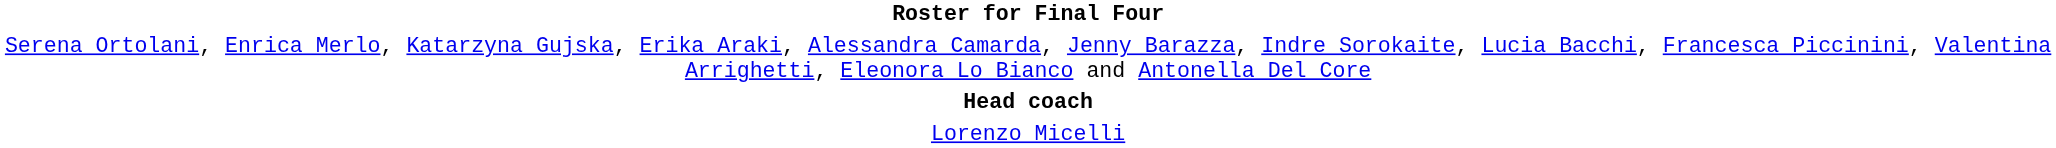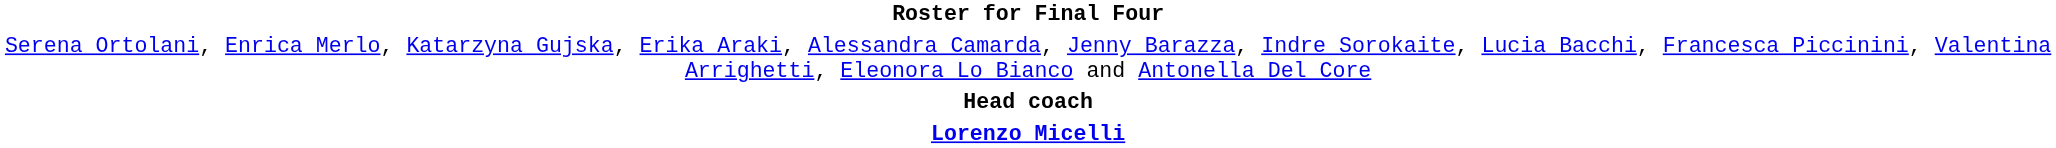 <table style="text-align: center; margin-top: 2em; margin-left: auto; margin-right: auto">
 <tr>
 <td><strong>Roster for Final Four</strong></td>
 </tr>
 <tr>
 <td><a href='#'>Serena Ortolani</a>, <a href='#'>Enrica Merlo</a>, <a href='#'>Katarzyna Gujska</a>, <a href='#'>Erika Araki</a>, <a href='#'>Alessandra Camarda</a>, <a href='#'>Jenny Barazza</a>, <a href='#'>Indre Sorokaite</a>, <a href='#'>Lucia Bacchi</a>, <a href='#'>Francesca Piccinini</a>, <a href='#'>Valentina Arrighetti</a>, <a href='#'>Eleonora Lo Bianco</a> and <a href='#'>Antonella Del Core</a></td>
 </tr>
 <tr>
 <td><strong>Head coach</strong></td>
 </tr>
 <tr>
-<td><a href='#'>Lorenzo Micelli</a></td>
+<td><strong><a href='#'>Lorenzo Micelli</a></strong></td>
 </tr>
 </table>
